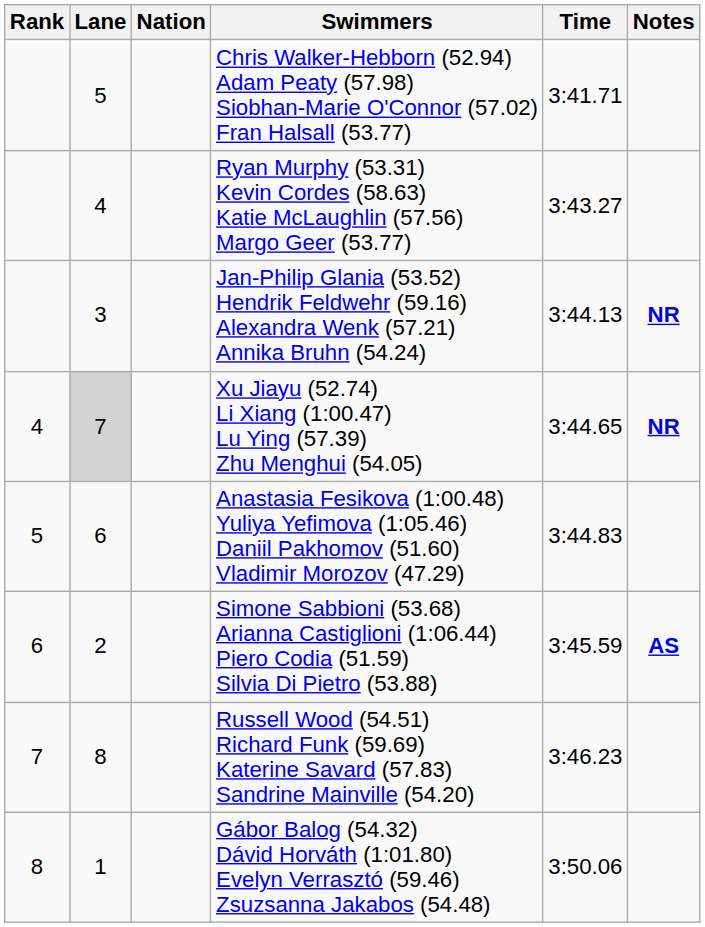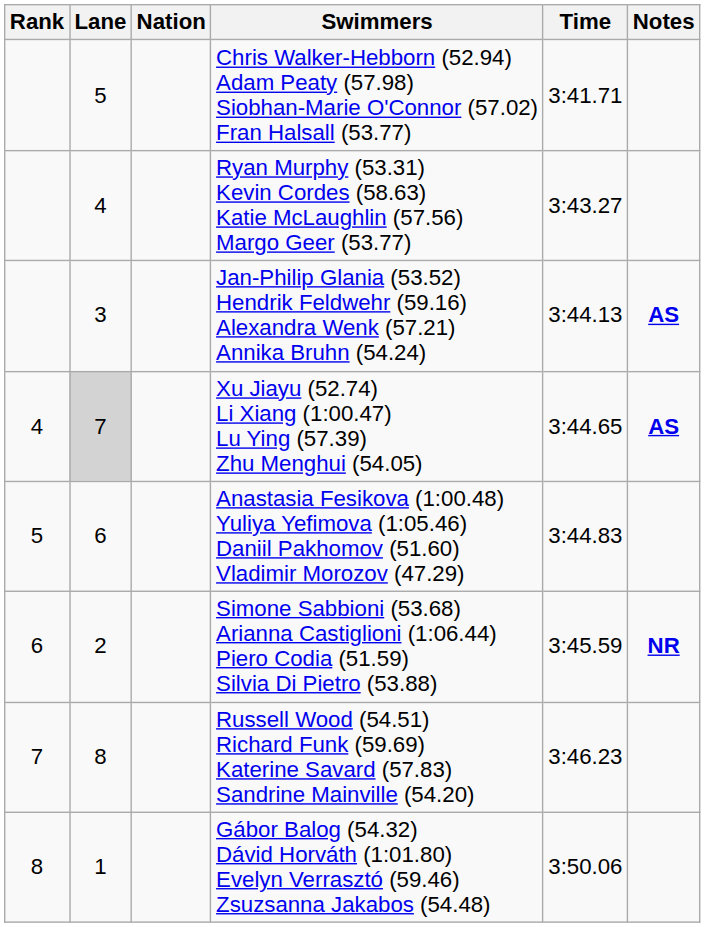 <table class="wikitable sortable" style="text-align:center">
 <tr>
 <th>Rank</th>
 <th>Lane</th>
 <th>Nation</th>
 <th>Swimmers</th>
 <th>Time</th>
 <th>Notes</th>
 </tr>
 <tr>
 <td></td>
 <td>5</td>
 <td align=left></td>
 <td align=left><a href='#'>Chris Walker-Hebborn</a> (52.94)<br><a href='#'>Adam Peaty</a> (57.98)<br><a href='#'>Siobhan-Marie O'Connor</a> (57.02)<br><a href='#'>Fran Halsall</a> (53.77)</td>
 <td>3:41.71</td>
 <td></td>
 </tr>
 <tr>
 <td></td>
 <td>4</td>
 <td align=left></td>
 <td align=left><a href='#'>Ryan Murphy</a> (53.31)<br><a href='#'>Kevin Cordes</a> (58.63)<br><a href='#'>Katie McLaughlin</a> (57.56)<br><a href='#'>Margo Geer</a> (53.77)</td>
 <td>3:43.27</td>
 <td></td>
 </tr>
 <tr>
 <td></td>
 <td>3</td>
 <td align=left></td>
 <td align=left><a href='#'>Jan-Philip Glania</a> (53.52)<br><a href='#'>Hendrik Feldwehr</a> (59.16)<br><a href='#'>Alexandra Wenk</a> (57.21)<br><a href='#'>Annika Bruhn</a> (54.24)</td>
 <td>3:44.13</td>
-<td><strong><a href='#'>NR</a></strong></td>
+<td><strong><a href='#'>AS</a></strong></td>
 </tr>
 <tr>
 <td>4</td>
 <td style="background: lightgrey;">7</td>
 <td align=left></td>
 <td align=left><a href='#'>Xu Jiayu</a> (52.74)<br><a href='#'>Li Xiang</a> (1:00.47)<br><a href='#'>Lu Ying</a> (57.39)<br><a href='#'>Zhu Menghui</a> (54.05)</td>
 <td>3:44.65</td>
-<td><strong><a href='#'>NR</a></strong></td>
+<td><strong><a href='#'>AS</a></strong></td>
 </tr>
 <tr>
 <td>5</td>
 <td>6</td>
 <td align=left></td>
 <td align=left><a href='#'>Anastasia Fesikova</a> (1:00.48)<br><a href='#'>Yuliya Yefimova</a> (1:05.46)<br><a href='#'>Daniil Pakhomov</a> (51.60)<br><a href='#'>Vladimir Morozov</a> (47.29)</td>
 <td>3:44.83</td>
 <td></td>
 </tr>
 <tr>
 <td>6</td>
 <td>2</td>
 <td align=left></td>
 <td align=left><a href='#'>Simone Sabbioni</a> (53.68)<br><a href='#'>Arianna Castiglioni</a> (1:06.44)<br><a href='#'>Piero Codia</a> (51.59)<br><a href='#'>Silvia Di Pietro</a> (53.88)</td>
 <td>3:45.59</td>
-<td><strong><a href='#'>AS</a></strong></td>
+<td><strong><a href='#'>NR</a></strong></td>
 </tr>
 <tr>
 <td>7</td>
 <td>8</td>
 <td align=left></td>
 <td align=left><a href='#'>Russell Wood</a>   (54.51)<br><a href='#'>Richard Funk</a> (59.69)<br><a href='#'>Katerine Savard</a> (57.83)<br><a href='#'>Sandrine Mainville</a> (54.20)</td>
 <td>3:46.23</td>
 <td></td>
 </tr>
 <tr>
 <td>8</td>
 <td>1</td>
 <td align=left></td>
 <td align=left><a href='#'>Gábor Balog</a> (54.32)<br><a href='#'>Dávid Horváth</a> (1:01.80) <br><a href='#'>Evelyn Verrasztó</a> (59.46) <br><a href='#'>Zsuzsanna Jakabos</a> (54.48)</td>
 <td>3:50.06</td>
 <td></td>
 </tr>
 </table>
